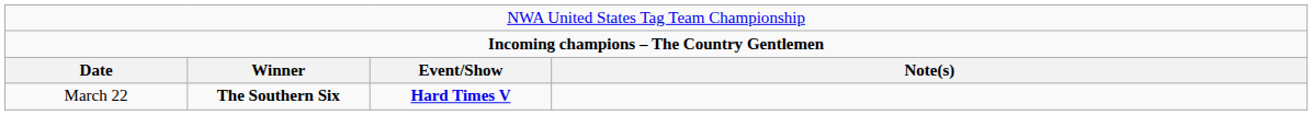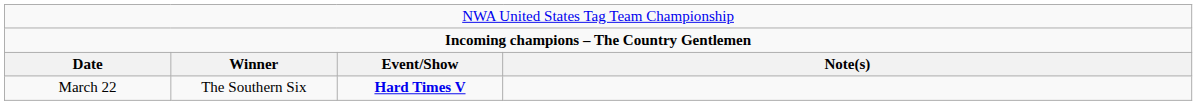 <table class="wikitable" style="text-align:center; width:100%;">
 <tr>
 <td colspan="4" style="text-align: center;"><a href='#'>NWA United States Tag Team Championship</a></td>
 </tr>
 <tr>
 <td colspan="4" style="text-align: center;"><strong>Incoming champions – The Country Gentlemen </strong></td>
 </tr>
 <tr>
 <th width=14%>Date</th>
 <th width=14%>Winner</th>
 <th width=14%>Event/Show</th>
 <th width=58%>Note(s)</th>
 </tr>
 <tr>
 <td>March 22<br></td>
-<td><strong>The Southern Six<br></strong></td>
+<td>The Southern Six<br></td>
 <td><strong><a href='#'>Hard Times V</a></strong></td>
 <td></td>
 </tr>
 </table>
